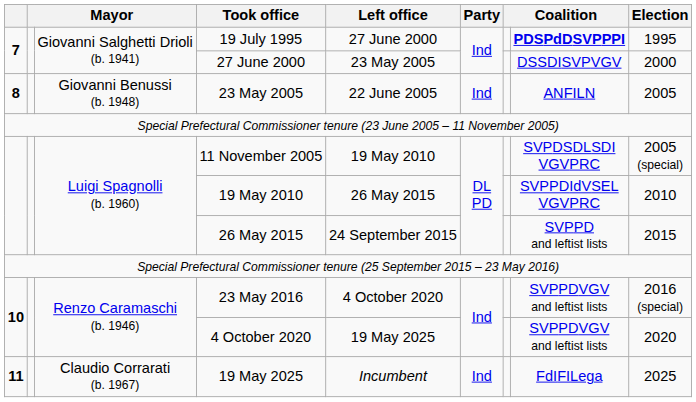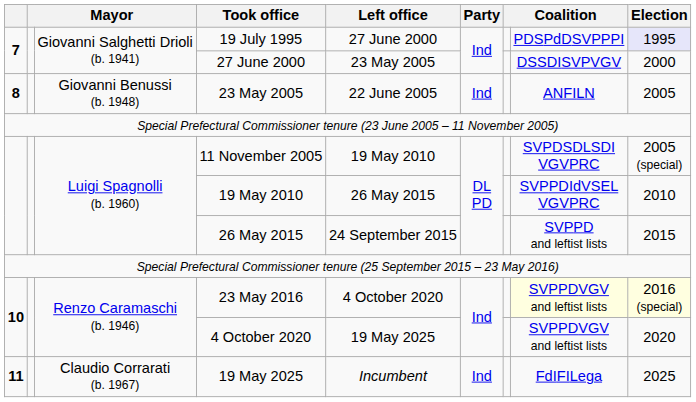 <table class="wikitable" style="text-align: center;">
 <tr>
 <th><br></th>
 <th colspan="2">Mayor</th>
 <th>Took office</th>
 <th>Left office</th>
 <th>Party</th>
 <th colspan="2">Coalition</th>
 <th>Election</th>
 </tr>
 <tr>
 <td rowspan=2 style="background: "><strong>7</strong></td>
 <td rowspan=2></td>
 <td rowspan=2>Giovanni Salghetti Drioli<br><small>(b. 1941)</small></td>
 <td>19 July 1995</td>
 <td>27 June 2000</td>
 <td rowspan=2><a href='#'>Ind</a></td>
 <td style="background: "></td>
-<td><strong><a href='#'>PDS</a><a href='#'>PdD</a><a href='#'>SVP</a><a href='#'>PPI</a></strong></td>
-<td>1995</td>
+<td><a href='#'>PDS</a><a href='#'>PdD</a><a href='#'>SVP</a><a href='#'>PPI</a></td>
+<td style="background: lavender;">1995</td>
 </tr>
 <tr>
 <td>27 June 2000</td>
 <td>23 May 2005</td>
 <td style="background: "></td>
 <td><a href='#'>DS</a><a href='#'>SDI</a><a href='#'>SVP</a><a href='#'>VGV</a></td>
 <td>2000</td>
 </tr>
 <tr>
 <td style="background: "><strong>8</strong></td>
 <td></td>
 <td>Giovanni Benussi<br><small>(b. 1948)</small></td>
 <td>23 May 2005</td>
 <td>22 June 2005</td>
 <td><a href='#'>Ind</a></td>
 <td style="background: "></td>
 <td><a href='#'>AN</a><a href='#'>FI</a><a href='#'>LN</a></td>
 <td>2005</td>
 </tr>
 <tr>
 <td colspan=9><small><em>Special Prefectural Commissioner tenure (23 June 2005 – 11 November 2005)</em></small></td>
 </tr>
 <tr>
 <td rowspan="3" style="background: "><strong></strong></td>
 <td rowspan="3"></td>
 <td rowspan="3"><a href='#'>Luigi Spagnolli</a><br><small>(b. 1960)</small></td>
 <td>11 November 2005</td>
 <td>19 May 2010</td>
 <td rowspan="3"><a href='#'>DL</a><br><a href='#'>PD</a></td>
 <td style="background: "></td>
 <td><a href='#'>SVP</a><a href='#'>DS</a><a href='#'>DL</a><a href='#'>SDI</a><br><a href='#'>VGV</a><a href='#'>PRC</a></td>
 <td>2005<br><small>(special)</small></td>
 </tr>
 <tr>
 <td>19 May 2010</td>
 <td>26 May 2015</td>
 <td style="background: "></td>
 <td><a href='#'>SVP</a><a href='#'>PD</a><a href='#'>IdV</a><a href='#'>SEL</a><br><a href='#'>VGV</a><a href='#'>PRC</a></td>
 <td>2010</td>
 </tr>
 <tr>
 <td>26 May 2015</td>
 <td>24 September 2015</td>
 <td style="background: "></td>
 <td><a href='#'>SVP</a><a href='#'>PD</a><br><small>and leftist lists</small></td>
 <td>2015</td>
 </tr>
 <tr>
 <td colspan=9><small><em>Special Prefectural Commissioner tenure (25 September 2015 – 23 May 2016)</em></small></td>
 </tr>
 <tr>
 <td rowspan=2 style="background: "><strong>10</strong></td>
 <td rowspan=2></td>
 <td rowspan=2><a href='#'>Renzo Caramaschi</a><br><small>(b. 1946)</small></td>
 <td>23 May 2016</td>
 <td>4 October 2020</td>
 <td rowspan=2><a href='#'>Ind</a></td>
 <td style="background: "></td>
-<td><a href='#'>SVP</a><a href='#'>PD</a><a href='#'>VGV</a><br><small>and leftist lists</small></td>
-<td>2016<br><small>(special)</small></td>
+<td style="background: lightyellow;"><a href='#'>SVP</a><a href='#'>PD</a><a href='#'>VGV</a><br><small>and leftist lists</small></td>
+<td style="background: lightyellow;">2016<br><small>(special)</small></td>
 </tr>
 <tr>
 <td>4 October 2020</td>
 <td>19 May 2025</td>
 <td style="background: "></td>
 <td><a href='#'>SVP</a><a href='#'>PD</a><a href='#'>VGV</a><br><small>and leftist lists</small></td>
 <td>2020</td>
 </tr>
 <tr>
 <td style="background: "><strong>11</strong></td>
 <td></td>
 <td>Claudio Corrarati<br><small>(b. 1967)</small></td>
 <td>19 May 2025</td>
 <td><em>Incumbent</em></td>
 <td><a href='#'>Ind</a></td>
 <td style="background: "></td>
 <td><a href='#'>FdI</a><a href='#'>FI</a><a href='#'>Lega</a></td>
 <td>2025</td>
 </tr>
 </table>
